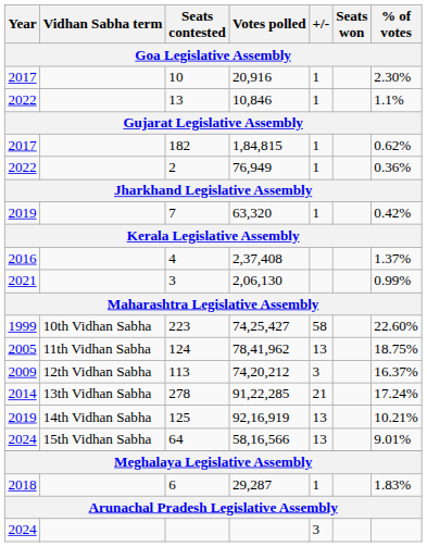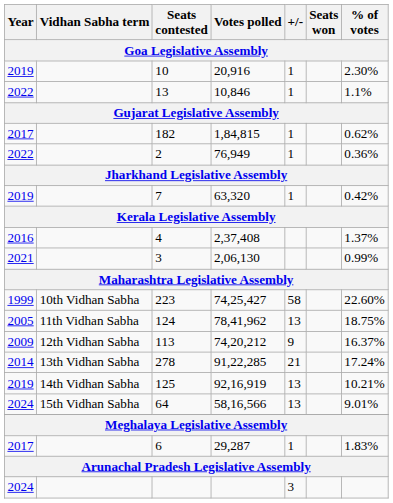 <table class="wikitable sortable">
 <tr>
 <th style="background-color:">Year</th>
 <th style="background-color:">Vidhan Sabha term</th>
 <th style="background-color:">Seats<br>contested</th>
 <th style="background-color:">Votes polled</th>
 <th style="background-color:">+/-</th>
 <th style="background-color:">Seats<br>won</th>
 <th style="background-color:">% of<br> votes</th>
 </tr>
 <tr style="text-align:center;">
 <th colspan=9><a href='#'>Goa Legislative Assembly</a></th>
 </tr>
 <tr>
-<td><a href='#'>2017</a></td>
+<td><a href='#'>2019</a></td>
 <td></td>
 <td>10</td>
 <td>20,916</td>
 <td> 1</td>
 <td></td>
 <td>2.30%</td>
 </tr>
 <tr>
 <td><a href='#'>2022</a></td>
 <td></td>
 <td>13</td>
 <td>10,846</td>
 <td>1</td>
 <td></td>
 <td> 1.1%</td>
 </tr>
 <tr style="text-align:center;">
 <th colspan=9><a href='#'>Gujarat Legislative Assembly</a></th>
 </tr>
 <tr>
 <td><a href='#'>2017</a></td>
 <td></td>
 <td>182</td>
 <td>1,84,815</td>
 <td> 1</td>
 <td></td>
 <td>0.62%</td>
 </tr>
 <tr>
 <td><a href='#'>2022</a></td>
 <td></td>
 <td>2</td>
 <td>76,949</td>
 <td> 1</td>
 <td></td>
 <td>0.36%</td>
 </tr>
 <tr style="text-align:center;">
 <th colspan=9><a href='#'>Jharkhand Legislative Assembly</a></th>
 </tr>
 <tr>
 <td><a href='#'>2019</a></td>
 <td></td>
 <td>7</td>
 <td>63,320</td>
 <td> 1</td>
 <td></td>
 <td>0.42%</td>
 </tr>
 <tr style="text-align:center;">
 <th colspan=9><a href='#'>Kerala Legislative Assembly</a></th>
 </tr>
 <tr>
 <td><a href='#'>2016</a></td>
 <td></td>
 <td>4</td>
 <td>2,37,408</td>
 <td></td>
 <td></td>
 <td>1.37%</td>
 </tr>
 <tr>
 <td><a href='#'>2021</a></td>
 <td></td>
 <td>3</td>
 <td>2,06,130</td>
 <td></td>
 <td></td>
 <td>0.99%</td>
 </tr>
 <tr style="text-align:center;">
 <th colspan=9><a href='#'>Maharashtra Legislative Assembly</a></th>
 </tr>
 <tr>
 <td><a href='#'>1999</a></td>
 <td>10th Vidhan Sabha</td>
 <td>223</td>
 <td>74,25,427</td>
 <td>58</td>
 <td></td>
 <td>22.60%</td>
 </tr>
 <tr>
 <td><a href='#'>2005</a></td>
 <td>11th Vidhan Sabha</td>
 <td>124</td>
 <td>78,41,962</td>
 <td>13</td>
 <td></td>
 <td>18.75%</td>
 </tr>
 <tr>
 <td><a href='#'>2009</a></td>
 <td>12th Vidhan Sabha</td>
 <td>113</td>
 <td>74,20,212</td>
-<td>3</td>
+<td>9</td>
 <td></td>
 <td>16.37%</td>
 </tr>
 <tr>
 <td><a href='#'>2014</a></td>
 <td>13th Vidhan Sabha</td>
 <td>278</td>
 <td>91,22,285</td>
 <td>21</td>
 <td></td>
 <td>17.24%</td>
 </tr>
 <tr>
 <td><a href='#'>2019</a></td>
 <td>14th Vidhan Sabha</td>
 <td>125</td>
 <td>92,16,919</td>
 <td>13</td>
 <td></td>
 <td>10.21%</td>
 </tr>
 <tr>
 <td><a href='#'>2024</a></td>
 <td>15th Vidhan Sabha</td>
 <td>64</td>
 <td>58,16,566</td>
 <td>13</td>
 <td></td>
 <td>9.01%</td>
 </tr>
 <tr>
 </tr>
 <tr style="text-align:center;">
 <th colspan=9><a href='#'>Meghalaya Legislative Assembly</a></th>
 </tr>
 <tr>
-<td><a href='#'>2018</a></td>
+<td><a href='#'>2017</a></td>
 <td></td>
 <td>6</td>
 <td>29,287</td>
 <td> 1</td>
 <td></td>
 <td>1.83%</td>
 </tr>
 <tr style="text-align:center;">
 <th colspan=9><a href='#'>Arunachal Pradesh Legislative Assembly</a></th>
 </tr>
 <tr>
 <td><a href='#'>2024</a></td>
 <td></td>
 <td></td>
 <td></td>
 <td> 3</td>
 <td></td>
 <td></td>
 </tr>
 </table>
